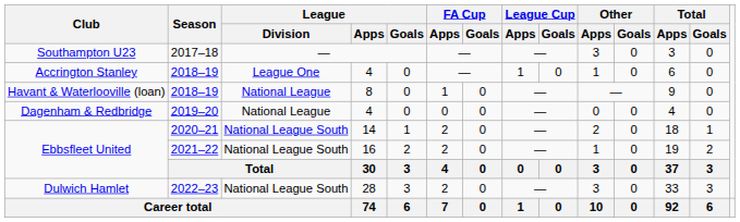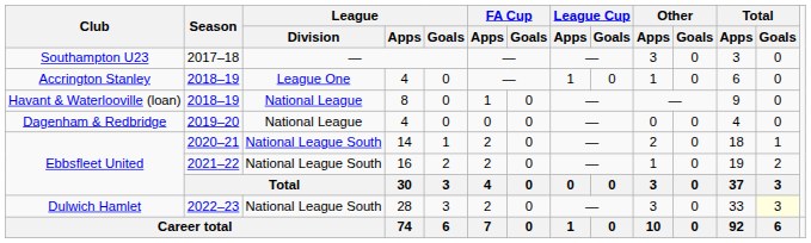 <table class=wikitable style="text-align: center">
 <tr>
 <th rowspan=2>Club</th>
 <th rowspan=2>Season</th>
 <th colspan=3>League</th>
 <th colspan=2><a href='#'>FA Cup</a></th>
 <th colspan=2><a href='#'>League Cup</a></th>
 <th colspan=2>Other</th>
 <th colspan=2>Total</th>
 </tr>
 <tr>
 <th>Division</th>
 <th>Apps</th>
 <th>Goals</th>
 <th>Apps</th>
 <th>Goals</th>
 <th>Apps</th>
 <th>Goals</th>
 <th>Apps</th>
 <th>Goals</th>
 <th>Apps</th>
 <th>Goals</th>
 </tr>
 <tr>
 <td><a href='#'>Southampton U23</a></td>
 <td>2017–18</td>
 <td colspan=3>—</td>
 <td colspan=2>—</td>
 <td colspan=2>—</td>
 <td>3</td>
 <td>0</td>
 <td>3</td>
 <td>0</td>
 </tr>
 <tr>
 <td><a href='#'>Accrington Stanley</a></td>
 <td><a href='#'>2018–19</a></td>
 <td><a href='#'>League One</a></td>
 <td>4</td>
 <td>0</td>
 <td colspan=2>—</td>
 <td>1</td>
 <td>0</td>
 <td>1</td>
 <td>0</td>
 <td>6</td>
 <td>0</td>
 </tr>
 <tr>
 <td><a href='#'>Havant & Waterlooville</a> (loan)</td>
 <td><a href='#'>2018–19</a></td>
 <td><a href='#'>National League</a></td>
 <td>8</td>
 <td>0</td>
 <td>1</td>
 <td>0</td>
 <td colspan=2>—</td>
 <td colspan=2>—</td>
 <td>9</td>
 <td>0</td>
 </tr>
 <tr>
 <td><a href='#'>Dagenham & Redbridge</a></td>
 <td><a href='#'>2019–20</a></td>
 <td>National League</td>
 <td>4</td>
 <td>0</td>
 <td>0</td>
 <td>0</td>
 <td colspan=2>—</td>
 <td>0</td>
 <td>0</td>
 <td>4</td>
 <td>0</td>
 </tr>
 <tr>
 <td rowspan="3"><a href='#'>Ebbsfleet United</a></td>
 <td><a href='#'>2020–21</a></td>
 <td><a href='#'>National League South</a></td>
 <td>14</td>
 <td>1</td>
 <td>2</td>
 <td>0</td>
 <td colspan=2>—</td>
 <td>2</td>
 <td>0</td>
 <td>18</td>
 <td>1</td>
 </tr>
 <tr>
 <td><a href='#'>2021–22</a></td>
 <td>National League South</td>
 <td>16</td>
 <td>2</td>
 <td>2</td>
 <td>0</td>
 <td colspan=2>—</td>
 <td>1</td>
 <td>0</td>
 <td>19</td>
 <td>2</td>
 </tr>
 <tr>
 <th colspan="2">Total</th>
 <th>30</th>
 <th>3</th>
 <th>4</th>
 <th>0</th>
 <th>0</th>
 <th>0</th>
 <th>3</th>
 <th>0</th>
 <th>37</th>
 <th>3</th>
 </tr>
 <tr>
 <td><a href='#'>Dulwich Hamlet</a></td>
 <td><a href='#'>2022–23</a></td>
 <td>National League South</td>
 <td>28</td>
 <td>3</td>
 <td>2</td>
 <td>0</td>
 <td colspan=2>—</td>
 <td>3</td>
 <td>0</td>
 <td>33</td>
-<td>3</td>
+<td style="background: lightyellow;">3</td>
 </tr>
 <tr>
 <th colspan=3>Career total</th>
 <th>74</th>
 <th>6</th>
 <th>7</th>
 <th>0</th>
 <th>1</th>
 <th>0</th>
 <th>10</th>
 <th>0</th>
 <th>92</th>
 <th>6</th>
 <td></td>
 </tr>
 </table>
